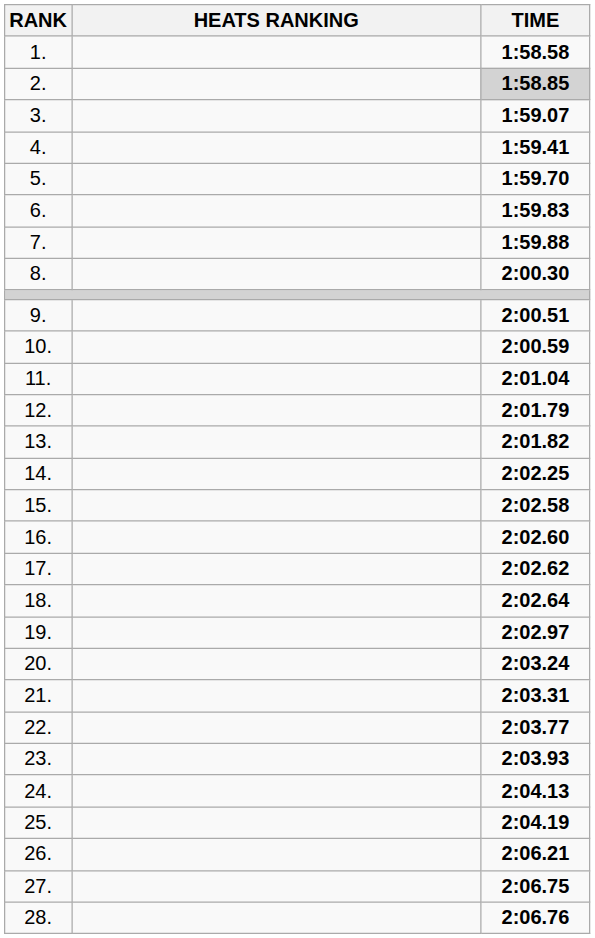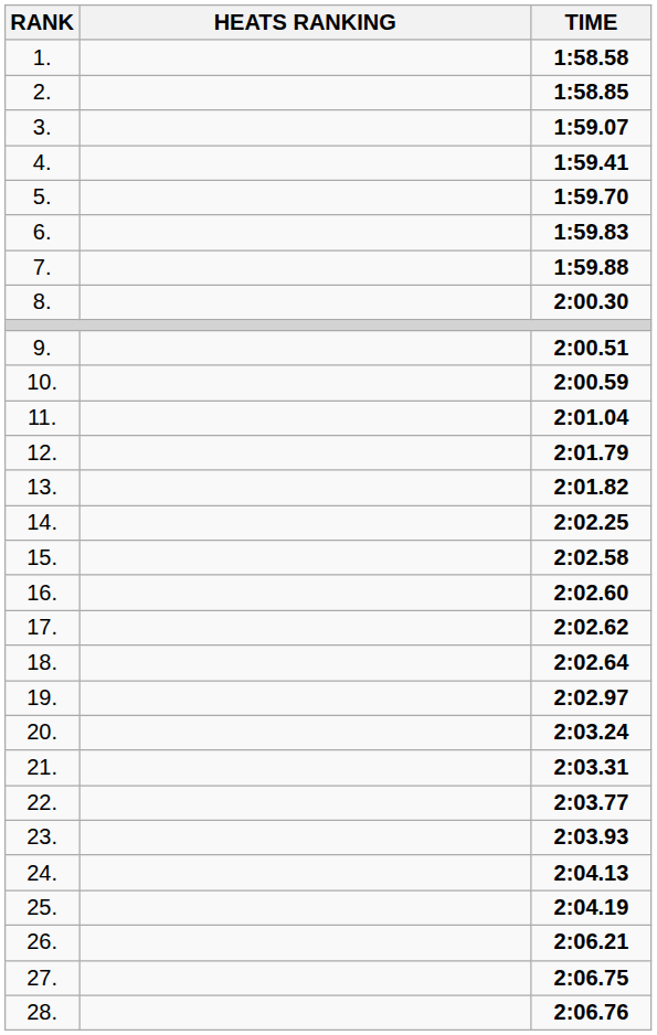 <table class="wikitable">
 <tr>
 <th>RANK</th>
 <th style="width: 20em">HEATS RANKING</th>
 <th style="width: 5em">TIME</th>
 </tr>
 <tr>
 <td align="center">1.</td>
 <td></td>
 <td align="center"><strong>1:58.58</strong></td>
 </tr>
 <tr>
 <td align="center">2.</td>
 <td></td>
-<td align="center" style="background: lightgrey;"><strong>1:58.85</strong></td>
+<td align="center"><strong>1:58.85</strong></td>
 </tr>
 <tr>
 <td align="center">3.</td>
 <td></td>
 <td align="center"><strong>1:59.07</strong></td>
 </tr>
 <tr>
 <td align="center">4.</td>
 <td></td>
 <td align="center"><strong>1:59.41</strong></td>
 </tr>
 <tr>
 <td align="center">5.</td>
 <td></td>
 <td align="center"><strong>1:59.70 </strong></td>
 </tr>
 <tr>
 <td align="center">6.</td>
 <td></td>
 <td align="center"><strong>1:59.83</strong></td>
 </tr>
 <tr>
 <td align="center">7.</td>
 <td></td>
 <td align="center"><strong>1:59.88</strong></td>
 </tr>
 <tr>
 <td align="center">8.</td>
 <td></td>
 <td align="center"><strong>2:00.30</strong></td>
 </tr>
 <tr>
 <td colspan=3 bgcolor=lightgray></td>
 </tr>
 <tr>
 <td align="center">9.</td>
 <td></td>
 <td align="center"><strong>2:00.51 </strong></td>
 </tr>
 <tr>
 <td align="center">10.</td>
 <td></td>
 <td align="center"><strong>2:00.59 </strong></td>
 </tr>
 <tr>
 <td align="center">11.</td>
 <td></td>
 <td align="center"><strong>2:01.04 </strong></td>
 </tr>
 <tr>
 <td align="center">12.</td>
 <td></td>
 <td align="center"><strong>2:01.79 </strong></td>
 </tr>
 <tr>
 <td align="center">13.</td>
 <td></td>
 <td align="center"><strong>2:01.82 </strong></td>
 </tr>
 <tr>
 <td align="center">14.</td>
 <td></td>
 <td align="center"><strong>2:02.25 </strong></td>
 </tr>
 <tr>
 <td align="center">15.</td>
 <td></td>
 <td align="center"><strong>2:02.58 </strong></td>
 </tr>
 <tr>
 <td align="center">16.</td>
 <td></td>
 <td align="center"><strong>2:02.60 </strong></td>
 </tr>
 <tr>
 <td align="center">17.</td>
 <td></td>
 <td align="center"><strong>2:02.62 </strong></td>
 </tr>
 <tr>
 <td align="center">18.</td>
 <td></td>
 <td align="center"><strong>2:02.64 </strong></td>
 </tr>
 <tr>
 <td align="center">19.</td>
 <td></td>
 <td align="center"><strong>2:02.97 </strong></td>
 </tr>
 <tr>
 <td align="center">20.</td>
 <td></td>
 <td align="center"><strong>2:03.24 </strong></td>
 </tr>
 <tr>
 <td align="center">21.</td>
 <td></td>
 <td align="center"><strong>2:03.31 </strong></td>
 </tr>
 <tr>
 <td align="center">22.</td>
 <td></td>
 <td align="center"><strong>2:03.77 </strong></td>
 </tr>
 <tr>
 <td align="center">23.</td>
 <td></td>
 <td align="center"><strong>2:03.93 </strong></td>
 </tr>
 <tr>
 <td align="center">24.</td>
 <td></td>
 <td align="center"><strong>2:04.13 </strong></td>
 </tr>
 <tr>
 <td align="center">25.</td>
 <td></td>
 <td align="center"><strong>2:04.19 </strong></td>
 </tr>
 <tr>
 <td align="center">26.</td>
 <td></td>
 <td align="center"><strong>2:06.21 </strong></td>
 </tr>
 <tr>
 <td align="center">27.</td>
 <td></td>
 <td align="center"><strong>2:06.75 </strong></td>
 </tr>
 <tr>
 <td align="center">28.</td>
 <td></td>
 <td align="center"><strong>2:06.76 </strong></td>
 </tr>
 </table>
